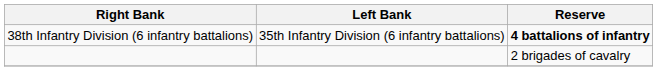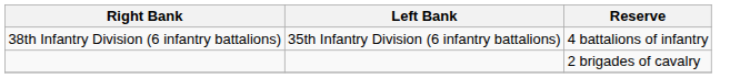 <table class="wikitable">
 <tr>
 <th>Right Bank</th>
 <th>Left Bank</th>
 <th>Reserve</th>
 </tr>
 <tr>
 <td>38th Infantry Division (6 infantry battalions)</td>
 <td>35th Infantry Division (6 infantry battalions)</td>
-<td><strong>4 battalions of infantry</strong></td>
+<td>4 battalions of infantry</td>
 </tr>
 <tr>
 <td></td>
 <td></td>
 <td>2 brigades of cavalry</td>
 </tr>
 <tr>
 </tr>
 </table>
